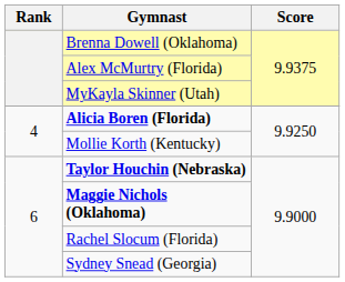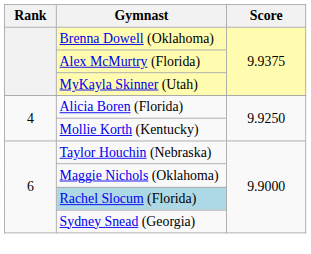 <table class="wikitable sortable" style="text-align:center; font-size:95%">
 <tr>
 <th scope="col" style="width:50px;">Rank</th>
 <th scope="col" style="width:180px;">Gymnast</th>
 <th scope="col" style="width:80px;">Score</th>
 </tr>
 <tr style="background:#fffcaf;">
 <th rowspan="3" scope="row" style="text-align:center"></th>
 <td style="text-align:left;"><a href='#'>Brenna Dowell</a> (Oklahoma)</td>
 <td rowspan="3">9.9375</td>
 </tr>
 <tr style="background:#fffcaf;">
 <td style="text-align:left;"><a href='#'>Alex McMurtry</a> (Florida)</td>
 </tr>
 <tr style="background:#fffcaf;">
 <td style="text-align:left;"><a href='#'>MyKayla Skinner</a> (Utah)</td>
 </tr>
 <tr>
 </tr>
 <tr>
 <td rowspan="2">4</td>
-<td style="text-align:left;"><strong><a href='#'>Alicia Boren</a> (Florida)</strong></td>
+<td style="text-align:left;"><a href='#'>Alicia Boren</a> (Florida)</td>
 <td rowspan="2">9.9250</td>
 </tr>
 <tr>
 <td style="text-align:left;"><a href='#'>Mollie Korth</a> (Kentucky)</td>
 </tr>
 <tr>
 <td rowspan="4">6</td>
-<td style="text-align:left;"><strong><a href='#'>Taylor Houchin</a> (Nebraska)</strong></td>
+<td style="text-align:left;"><a href='#'>Taylor Houchin</a> (Nebraska)</td>
 <td rowspan="4">9.9000</td>
 </tr>
 <tr>
-<td style="text-align:left;"><strong><a href='#'>Maggie Nichols</a> (Oklahoma)</strong></td>
+<td style="text-align:left;"><a href='#'>Maggie Nichols</a> (Oklahoma)</td>
 </tr>
 <tr>
-<td style="text-align:left;"><a href='#'>Rachel Slocum</a> (Florida)</td>
+<td style="background: lightblue; text-align:left;"><a href='#'>Rachel Slocum</a> (Florida)</td>
 </tr>
 <tr>
 <td style="text-align:left;"><a href='#'>Sydney Snead</a> (Georgia)</td>
 </tr>
 </table>
